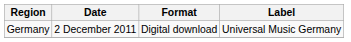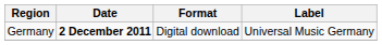 <table class=wikitable>
 <tr>
 <th>Region</th>
 <th>Date</th>
 <th>Format</th>
 <th>Label</th>
 </tr>
 <tr>
 <td>Germany</td>
-<td>2 December 2011</td>
+<td><strong>2 December 2011</strong></td>
 <td>Digital download</td>
 <td>Universal Music Germany</td>
 </tr>
 <tr>
 </tr>
 </table>
